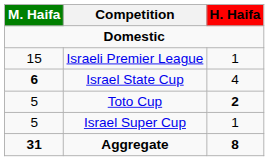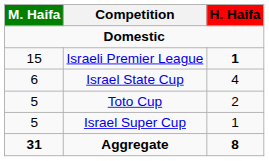 <table class="wikitable sortable"  style="width:auto; margin:auto;">
 <tr>
 <th style="color:#FFFFFF; background-color:#008000;">M. Haifa</th>
 <th>Competition</th>
 <th style="color:#000000; background-color:#FF0000;">H. Haifa</th>
 </tr>
 <tr style="text-align:center;">
 <td colspan="4"><strong>Domestic</strong></td>
 </tr>
 <tr style="text-align:center;">
 <td>15</td>
 <td><a href='#'>Israeli Premier League</a></td>
-<td>1</td>
+<td><strong>1</strong></td>
 </tr>
 <tr style="text-align:center;">
-<td><strong>6</strong></td>
+<td>6</td>
 <td><a href='#'>Israel State Cup</a></td>
 <td>4</td>
 </tr>
 <tr style="text-align:center;">
 <td>5</td>
 <td><a href='#'>Toto Cup</a></td>
-<td><strong>2</strong></td>
+<td>2</td>
 </tr>
 <tr style="text-align:center;">
 <td>5</td>
 <td><a href='#'>Israel Super Cup</a></td>
 <td>1</td>
 </tr>
 <tr align="center">
 <td><strong>31</strong></td>
 <td><strong>Aggregate</strong></td>
 <td><strong>8</strong></td>
 </tr>
 </table>
